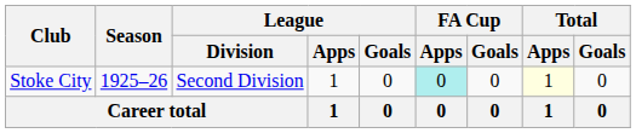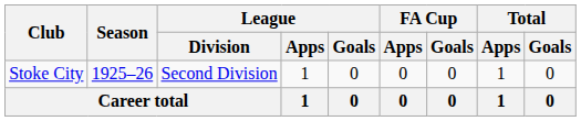 <table class="wikitable" style="text-align: center;">
 <tr>
 <th rowspan="2">Club</th>
 <th rowspan="2">Season</th>
 <th colspan="3">League</th>
 <th colspan="2">FA Cup</th>
 <th colspan="2">Total</th>
 </tr>
 <tr>
 <th>Division</th>
 <th>Apps</th>
 <th>Goals</th>
 <th>Apps</th>
 <th>Goals</th>
 <th>Apps</th>
 <th>Goals</th>
 </tr>
 <tr>
 <td><a href='#'>Stoke City</a></td>
 <td><a href='#'>1925–26</a></td>
 <td><a href='#'>Second Division</a></td>
 <td>1</td>
 <td>0</td>
-<td style="background: paleturquoise;">0</td>
 <td>0</td>
-<td style="background: lightyellow;">1</td>
+<td>0</td>
+<td>1</td>
 <td>0</td>
 </tr>
 <tr>
 <th colspan="3">Career total</th>
 <th>1</th>
 <th>0</th>
 <th>0</th>
 <th>0</th>
 <th>1</th>
 <th>0</th>
 </tr>
 </table>
